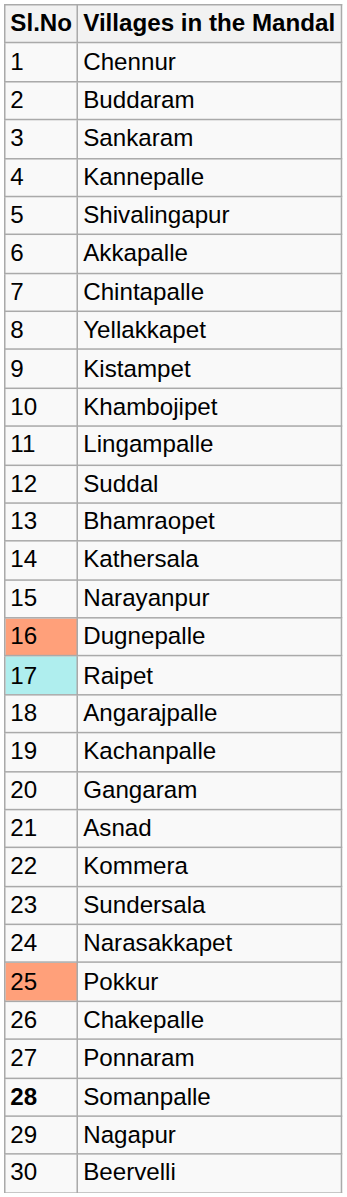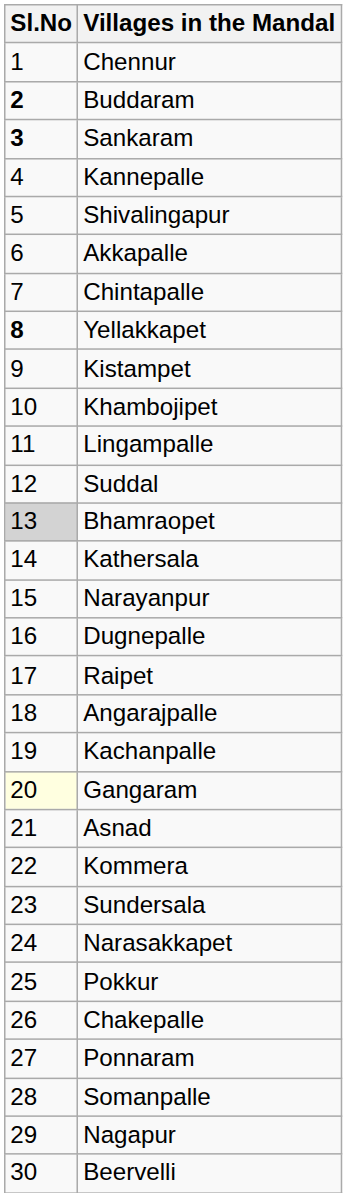 <table class="wikitable">
 <tr>
 <th>Sl.No</th>
 <th>Villages in the Mandal</th>
 </tr>
 <tr>
 <td>1</td>
 <td>Chennur</td>
 </tr>
 <tr>
-<td>2</td>
+<td><strong>2</strong></td>
 <td>Buddaram</td>
 </tr>
 <tr>
-<td>3</td>
+<td><strong>3</strong></td>
 <td>Sankaram</td>
 </tr>
 <tr>
 <td>4</td>
 <td>Kannepalle</td>
 </tr>
 <tr>
 <td>5</td>
 <td>Shivalingapur</td>
 </tr>
 <tr>
 <td>6</td>
 <td>Akkapalle</td>
 </tr>
 <tr>
 <td>7</td>
 <td>Chintapalle</td>
 </tr>
 <tr>
-<td>8</td>
+<td><strong>8</strong></td>
 <td>Yellakkapet</td>
 </tr>
 <tr>
 <td>9</td>
 <td>Kistampet</td>
 </tr>
 <tr>
 <td>10</td>
 <td>Khambojipet</td>
 </tr>
 <tr>
 <td>11</td>
 <td>Lingampalle</td>
 </tr>
 <tr>
 <td>12</td>
 <td>Suddal</td>
 </tr>
 <tr>
-<td>13</td>
+<td style="background: lightgrey;">13</td>
 <td>Bhamraopet</td>
 </tr>
 <tr>
 <td>14</td>
 <td>Kathersala</td>
 </tr>
 <tr>
 <td>15</td>
 <td>Narayanpur</td>
 </tr>
 <tr>
-<td style="background: lightsalmon;">16</td>
+<td>16</td>
 <td>Dugnepalle</td>
 </tr>
 <tr>
-<td style="background: paleturquoise;">17</td>
+<td>17</td>
 <td>Raipet</td>
 </tr>
 <tr>
 <td>18</td>
 <td>Angarajpalle</td>
 </tr>
 <tr>
 <td>19</td>
 <td>Kachanpalle</td>
 </tr>
 <tr>
-<td>20</td>
+<td style="background: lightyellow;">20</td>
 <td>Gangaram</td>
 </tr>
 <tr>
 <td>21</td>
 <td>Asnad</td>
 </tr>
 <tr>
 <td>22</td>
 <td>Kommera</td>
 </tr>
 <tr>
 <td>23</td>
 <td>Sundersala</td>
 </tr>
 <tr>
 <td>24</td>
 <td>Narasakkapet</td>
 </tr>
 <tr>
-<td style="background: lightsalmon;">25</td>
+<td>25</td>
 <td>Pokkur</td>
 </tr>
 <tr>
 <td>26</td>
 <td>Chakepalle</td>
 </tr>
 <tr>
 <td>27</td>
 <td>Ponnaram</td>
 </tr>
 <tr>
-<td><strong>28</strong></td>
+<td>28</td>
 <td>Somanpalle</td>
 </tr>
 <tr>
 <td>29</td>
 <td>Nagapur</td>
 </tr>
 <tr>
 <td>30</td>
 <td>Beervelli</td>
 </tr>
 </table>
